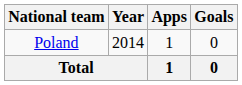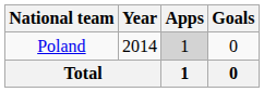 <table class="wikitable" style="text-align:center">
 <tr>
 <th>National team</th>
 <th>Year</th>
 <th>Apps</th>
 <th>Goals</th>
 </tr>
 <tr>
 <td rowspan=2><a href='#'>Poland</a></td>
 </tr>
 <tr>
 <td>2014</td>
-<td>1</td>
+<td style="background: lightgrey;">1</td>
 <td>0</td>
 </tr>
 <tr>
 <th colspan="2">Total</th>
 <th>1</th>
 <th>0</th>
 </tr>
 </table>
